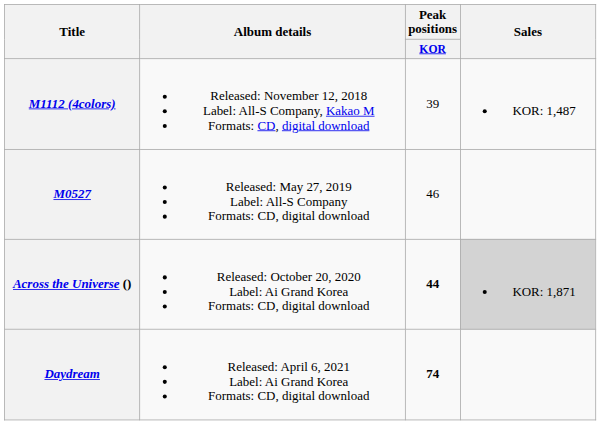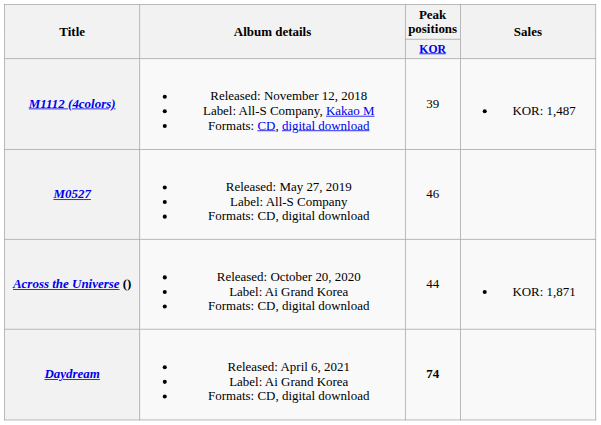 <table class="wikitable plainrowheaders" style="text-align:center;">
 <tr>
 <th scope="col" rowspan="2" style="width:10em;">Title</th>
 <th scope="col" rowspan="2" style="width:20em;">Album details</th>
 <th scope="col">Peak<br>positions</th>
 <th scope="col" rowspan="2" style="width:10em;">Sales</th>
 </tr>
 <tr>
 <th scope="col" style="width:2.2em;font-size:90%;"><a href='#'>KOR</a><br></th>
 </tr>
 <tr>
 <th scope="row"><em><a href='#'>M1112 (4colors)</a></em></th>
 <td><br><ul><li>Released: November 12, 2018</li><li>Label: All-S Company, <a href='#'>Kakao M</a></li><li>Formats: <a href='#'>CD</a>, <a href='#'>digital download</a></li></ul></td>
 <td>39</td>
 <td><br><ul><li>KOR: 1,487</li></ul></td>
 </tr>
 <tr>
 <th scope="row"><em><a href='#'>M0527</a></em></th>
 <td><br><ul><li>Released: May 27, 2019</li><li>Label: All-S Company</li><li>Formats: CD, digital download</li></ul></td>
 <td>46</td>
 <td></td>
 </tr>
 <tr>
 <th scope="row"><em><a href='#'>Across the Universe</a></em> ()</th>
 <td><br><ul><li>Released: October 20, 2020</li><li>Label:  Ai Grand Korea</li><li>Formats: CD, digital download</li></ul></td>
-<td><strong>44</strong></td>
-<td style="background: lightgrey;"><br><ul><li>KOR: 1,871</li></ul></td>
+<td>44</td>
+<td><br><ul><li>KOR: 1,871</li></ul></td>
 </tr>
 <tr>
 <th scope="row"><em><a href='#'>Daydream</a></em></th>
 <td><br><ul><li>Released: April 6, 2021</li><li>Label: Ai Grand Korea</li><li>Formats: CD, digital download</li></ul></td>
 <td><strong>74</strong></td>
 <td></td>
 </tr>
 </table>
